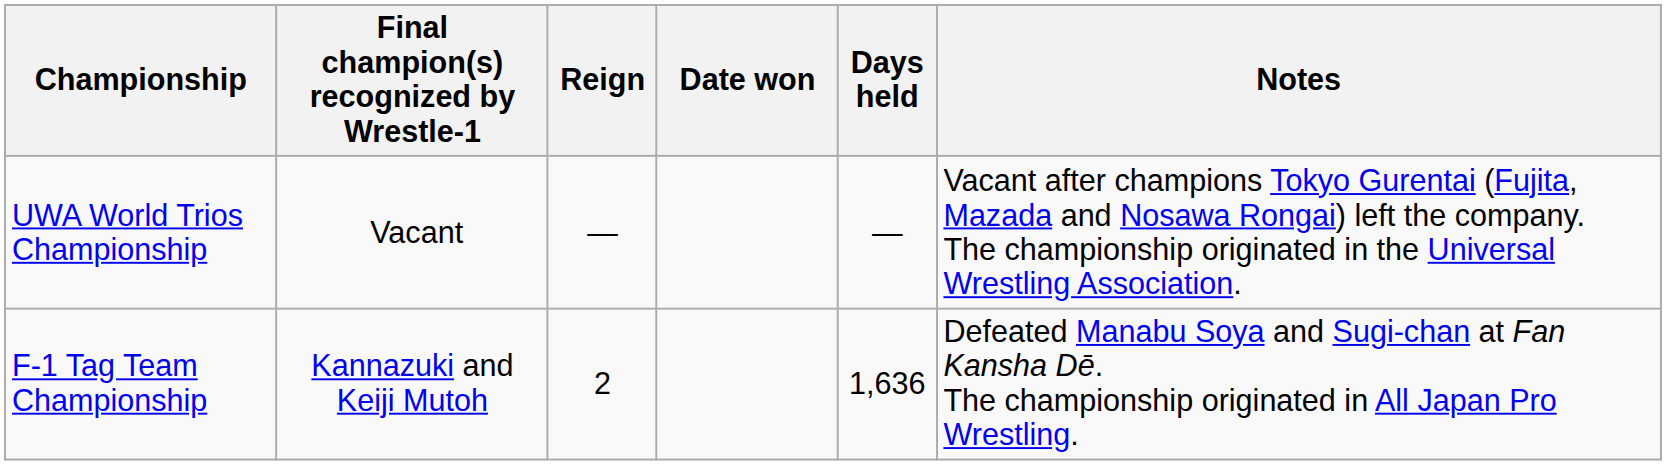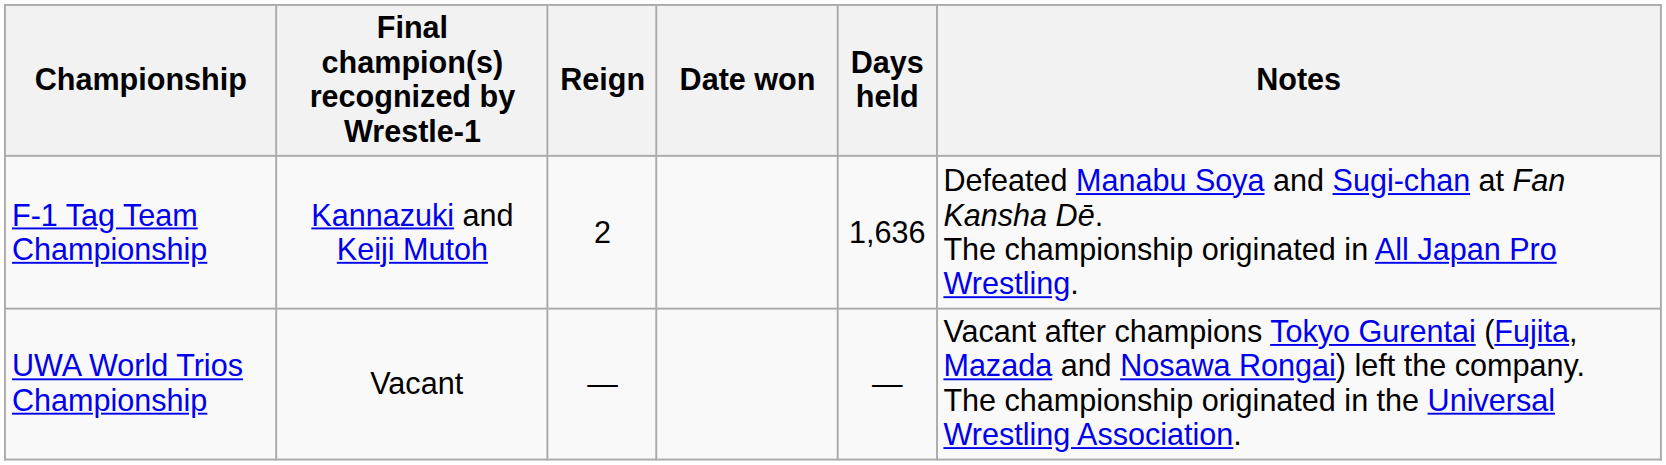 <table class="wikitable" style="text-align:center;">
 <tr>
 <th style="width: 15%">Championship</th>
 <th style="width: 15%">Final champion(s) recognized by Wrestle-1</th>
 <th style="width: 6%">Reign</th>
 <th style="width: 10%">Date won</th>
 <th style="width: 5%">Days held</th>
 <th style="width: 40%">Notes</th>
 </tr>
 <tr>
+<td align=left><a href='#'>F-1 Tag Team Championship</a></td>
+<td><a href='#'>Kannazuki</a> and <a href='#'>Keiji Mutoh</a></td>
+<td>2<br></td>
+<td></td>
+<td>1,636</td>
+<td align=left>Defeated <a href='#'>Manabu Soya</a> and <a href='#'>Sugi-chan</a> at <em>Fan Kansha Dē</em>.<br>The championship originated in <a href='#'>All Japan Pro Wrestling</a>.</td>
+</tr>
+<tr>
 <td align=left><a href='#'>UWA World Trios Championship</a></td>
 <td> Vacant</td>
 <td>—</td>
 <td></td>
 <td>—</td>
 <td align=left>Vacant after champions <a href='#'>Tokyo Gurentai</a> (<a href='#'>Fujita</a>, <a href='#'>Mazada</a> and <a href='#'>Nosawa Rongai</a>) left the company.<br>The championship originated in the <a href='#'>Universal Wrestling Association</a>.</td>
 </tr>
-<tr>
-<td align=left><a href='#'>F-1 Tag Team Championship</a></td>
-<td><a href='#'>Kannazuki</a> and <a href='#'>Keiji Mutoh</a></td>
-<td>2<br></td>
-<td></td>
-<td>1,636</td>
-<td align=left>Defeated <a href='#'>Manabu Soya</a> and <a href='#'>Sugi-chan</a> at <em>Fan Kansha Dē</em>.<br>The championship originated in <a href='#'>All Japan Pro Wrestling</a>.</td>
-</tr>
 </table>
